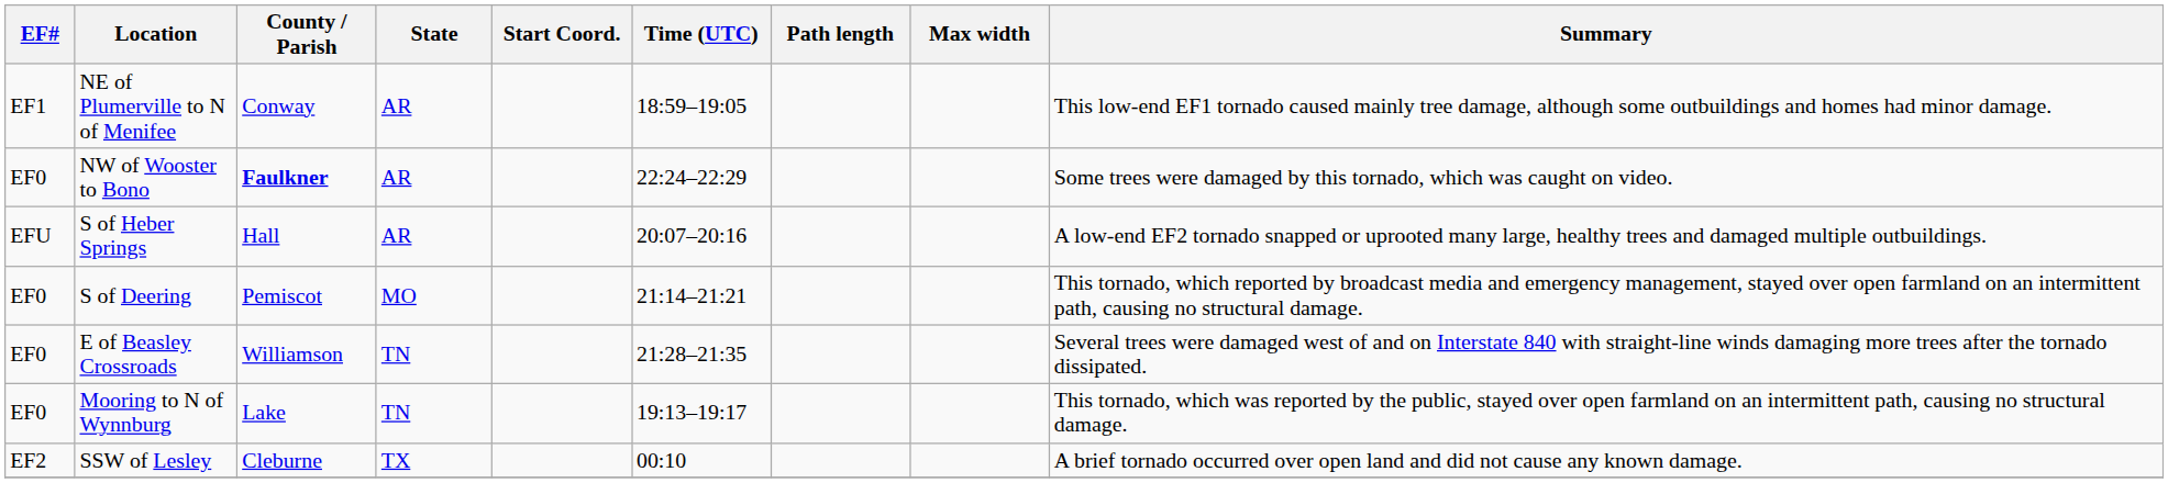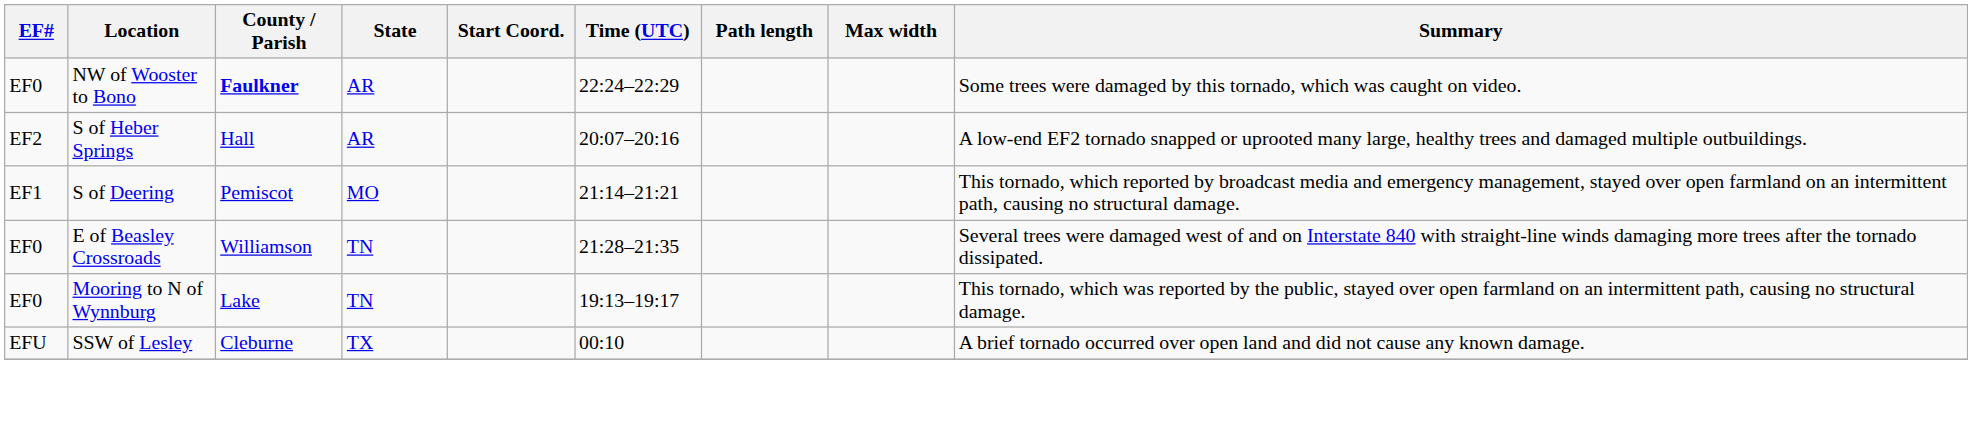 <table class="wikitable sortable" style="width:100%;">
 <tr>
 <th scope="col"  style="width:3%; text-align:center;"><a href='#'>EF#</a></th>
 <th scope="col"  style="width:7%; text-align:center;" class="unsortable">Location</th>
 <th scope="col"  style="width:6%; text-align:center;" class="unsortable">County / Parish</th>
 <th scope="col"  style="width:5%; text-align:center;">State</th>
 <th scope="col"  style="width:6%; text-align:center;">Start Coord.</th>
 <th scope="col"  style="width:6%; text-align:center;">Time (<a href='#'>UTC</a>)</th>
 <th scope="col"  style="width:6%; text-align:center;">Path length</th>
 <th scope="col"  style="width:6%; text-align:center;">Max width</th>
 <th scope="col" class="unsortable" style="width:48%; text-align:center;">Summary</th>
 </tr>
 <tr>
-<td>EF1</td>
-<td>NE of <a href='#'>Plumerville</a> to N of <a href='#'>Menifee</a></td>
-<td><a href='#'>Conway</a></td>
-<td><a href='#'>AR</a></td>
-<td></td>
-<td>18:59–19:05</td>
-<td></td>
-<td></td>
-<td>This low-end EF1 tornado caused mainly tree damage, although some outbuildings and homes had minor damage.</td>
-</tr>
-<tr>
 <td>EF0</td>
 <td>NW of <a href='#'>Wooster</a> to <a href='#'>Bono</a></td>
 <td><strong><a href='#'>Faulkner</a></strong></td>
 <td><a href='#'>AR</a></td>
 <td></td>
 <td>22:24–22:29</td>
 <td></td>
 <td></td>
 <td>Some trees were damaged by this tornado, which was caught on video.</td>
 </tr>
 <tr>
-<td>EFU</td>
+<td>EF2</td>
 <td>S of <a href='#'>Heber Springs</a></td>
 <td><a href='#'>Hall</a></td>
 <td><a href='#'>AR</a></td>
 <td></td>
 <td>20:07–20:16</td>
 <td></td>
 <td></td>
 <td>A low-end EF2 tornado snapped or uprooted many large, healthy trees and damaged multiple outbuildings.</td>
 </tr>
 <tr>
-<td>EF0</td>
+<td>EF1</td>
 <td>S of <a href='#'>Deering</a></td>
 <td><a href='#'>Pemiscot</a></td>
 <td><a href='#'>MO</a></td>
 <td></td>
 <td>21:14–21:21</td>
 <td></td>
 <td></td>
 <td>This tornado, which reported by broadcast media and emergency management, stayed over open farmland on an intermittent path, causing no structural damage.</td>
 </tr>
 <tr>
 <td>EF0</td>
 <td>E of <a href='#'>Beasley Crossroads</a></td>
 <td><a href='#'>Williamson</a></td>
 <td><a href='#'>TN</a></td>
 <td></td>
 <td>21:28–21:35</td>
 <td></td>
 <td></td>
 <td>Several trees were damaged west of and on <a href='#'>Interstate 840</a> with straight-line winds damaging more trees after the tornado dissipated.</td>
 </tr>
 <tr>
 <td>EF0</td>
 <td><a href='#'>Mooring</a> to N of <a href='#'>Wynnburg</a></td>
 <td><a href='#'>Lake</a></td>
 <td><a href='#'>TN</a></td>
 <td></td>
 <td>19:13–19:17</td>
 <td></td>
 <td></td>
 <td>This tornado, which was reported by the public, stayed over open farmland on an intermittent path, causing no structural damage.</td>
 </tr>
 <tr>
-<td>EF2</td>
+<td>EFU</td>
 <td>SSW of <a href='#'>Lesley</a></td>
 <td><a href='#'>Cleburne</a></td>
 <td><a href='#'>TX</a></td>
 <td></td>
 <td>00:10</td>
 <td></td>
 <td></td>
 <td>A brief tornado occurred over open land and did not cause any known damage.</td>
 </tr>
 <tr>
 </tr>
 </table>
